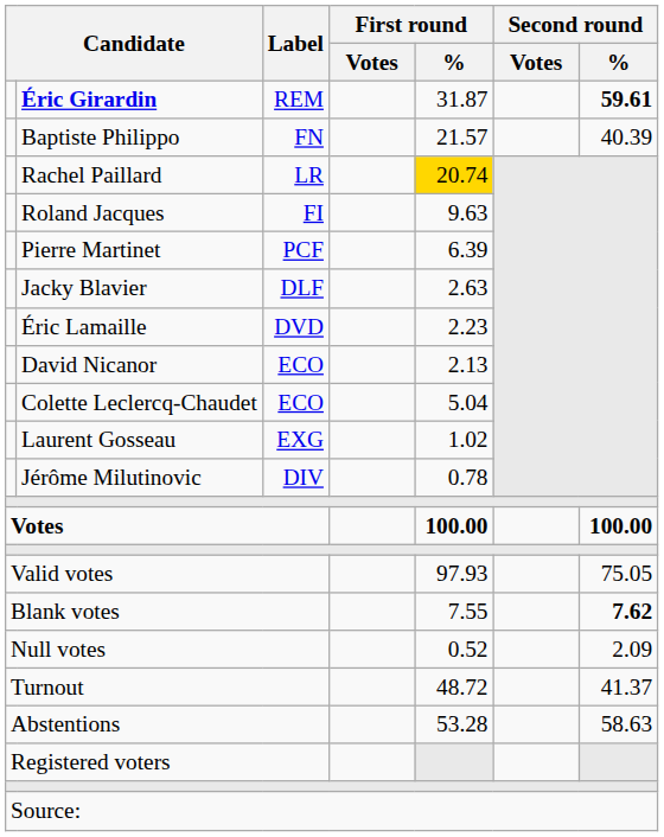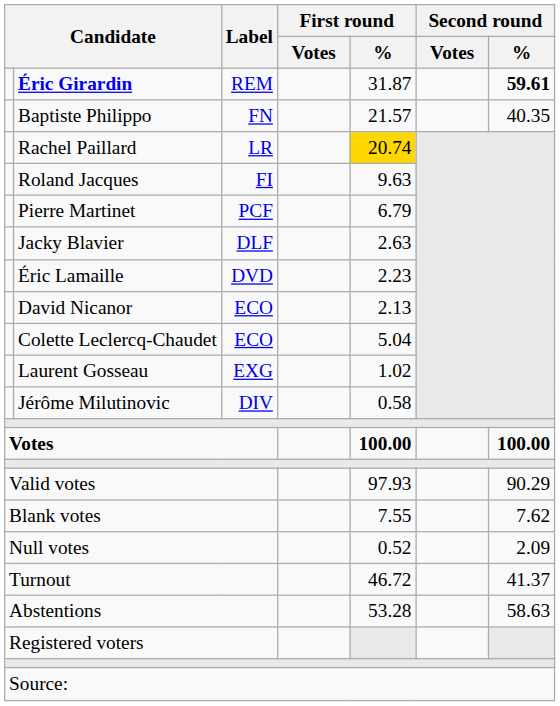 <table class="wikitable" style="text-align:right;font-size:95%;">
 <tr>
 <th rowspan="2" colspan="2">Candidate</th>
 <th rowspan="2">Label</th>
 <th colspan="2">First round</th>
 <th colspan="2">Second round</th>
 </tr>
 <tr>
 <th style="width:50px;">Votes</th>
 <th style="width:45px;">%</th>
 <th style="width:50px;">Votes</th>
 <th style="width:45px;">%</th>
 </tr>
 <tr>
 <td style="color:inherit;background:"></td>
 <td style="text-align:left;"><strong><a href='#'>Éric Girardin</a></strong></td>
 <td><a href='#'>REM</a></td>
 <td></td>
 <td>31.87</td>
 <td><strong></strong></td>
 <td><strong>59.61</strong></td>
 </tr>
 <tr>
 <td style="color:inherit;background:"></td>
 <td style="text-align:left;">Baptiste Philippo</td>
 <td><a href='#'>FN</a></td>
 <td></td>
 <td>21.57</td>
 <td></td>
-<td>40.39</td>
+<td>40.35</td>
 </tr>
 <tr>
 <td style="color:inherit;background:"></td>
 <td style="text-align:left;">Rachel Paillard</td>
 <td><a href='#'>LR</a></td>
 <td></td>
 <td style="background: gold;">20.74</td>
 <td colspan="2" rowspan="9" style="background:#E9E9E9;"></td>
 </tr>
 <tr>
 <td style="color:inherit;background:"></td>
 <td style="text-align:left;">Roland Jacques</td>
 <td><a href='#'>FI</a></td>
 <td></td>
 <td>9.63</td>
 </tr>
 <tr>
 <td style="color:inherit;background:"></td>
 <td style="text-align:left;">Pierre Martinet</td>
 <td><a href='#'>PCF</a></td>
 <td></td>
-<td>6.39</td>
+<td>6.79</td>
 </tr>
 <tr>
 <td style="color:inherit;background:"></td>
 <td style="text-align:left;">Jacky Blavier</td>
 <td><a href='#'>DLF</a></td>
 <td></td>
 <td>2.63</td>
 </tr>
 <tr>
 <td style="color:inherit;background:"></td>
 <td style="text-align:left;">Éric Lamaille</td>
 <td><a href='#'>DVD</a></td>
 <td></td>
 <td>2.23</td>
 </tr>
 <tr>
 <td style="color:inherit;background:"></td>
 <td style="text-align:left;">David Nicanor</td>
 <td><a href='#'>ECO</a></td>
 <td></td>
 <td>2.13</td>
 </tr>
 <tr>
 <td style="color:inherit;background:"></td>
 <td style="text-align:left;">Colette Leclercq-Chaudet</td>
 <td><a href='#'>ECO</a></td>
 <td></td>
 <td>5.04</td>
 </tr>
 <tr>
 <td style="color:inherit;background:"></td>
 <td style="text-align:left;">Laurent Gosseau</td>
 <td><a href='#'>EXG</a></td>
 <td></td>
 <td>1.02</td>
 </tr>
 <tr>
 <td style="color:inherit;background:"></td>
 <td style="text-align:left;">Jérôme Milutinovic</td>
 <td><a href='#'>DIV</a></td>
 <td></td>
-<td>0.78</td>
+<td>0.58</td>
 </tr>
 <tr>
 <td colspan="7" style="background:#E9E9E9;"></td>
 </tr>
 <tr style="font-weight:bold;">
 <td colspan="3" style="text-align:left;">Votes</td>
 <td></td>
 <td>100.00</td>
 <td></td>
 <td>100.00</td>
 </tr>
 <tr>
 <td colspan="7" style="background:#E9E9E9;"></td>
 </tr>
 <tr>
 <td colspan="3" style="text-align:left;">Valid votes</td>
 <td></td>
 <td>97.93</td>
 <td></td>
-<td>75.05</td>
+<td>90.29</td>
 </tr>
 <tr>
 <td colspan="3" style="text-align:left;">Blank votes</td>
 <td></td>
 <td>7.55</td>
 <td></td>
-<td><strong>7.62</strong></td>
+<td>7.62</td>
 </tr>
 <tr>
 <td colspan="3" style="text-align:left;">Null votes</td>
 <td></td>
 <td>0.52</td>
 <td></td>
 <td>2.09</td>
 </tr>
 <tr>
 <td colspan="3" style="text-align:left;">Turnout</td>
 <td></td>
-<td>48.72</td>
+<td>46.72</td>
 <td></td>
 <td>41.37</td>
 </tr>
 <tr>
 <td colspan="3" style="text-align:left;">Abstentions</td>
 <td></td>
 <td>53.28</td>
 <td></td>
 <td>58.63</td>
 </tr>
 <tr>
 <td colspan="3" style="text-align:left;">Registered voters</td>
 <td></td>
 <td style="background:#E9E9E9;"></td>
 <td></td>
 <td style="background:#E9E9E9;"></td>
 </tr>
 <tr>
 <td colspan="7" style="background:#E9E9E9;"></td>
 </tr>
 <tr>
 <td colspan="7" style="text-align:left;">Source: </td>
 </tr>
 </table>
